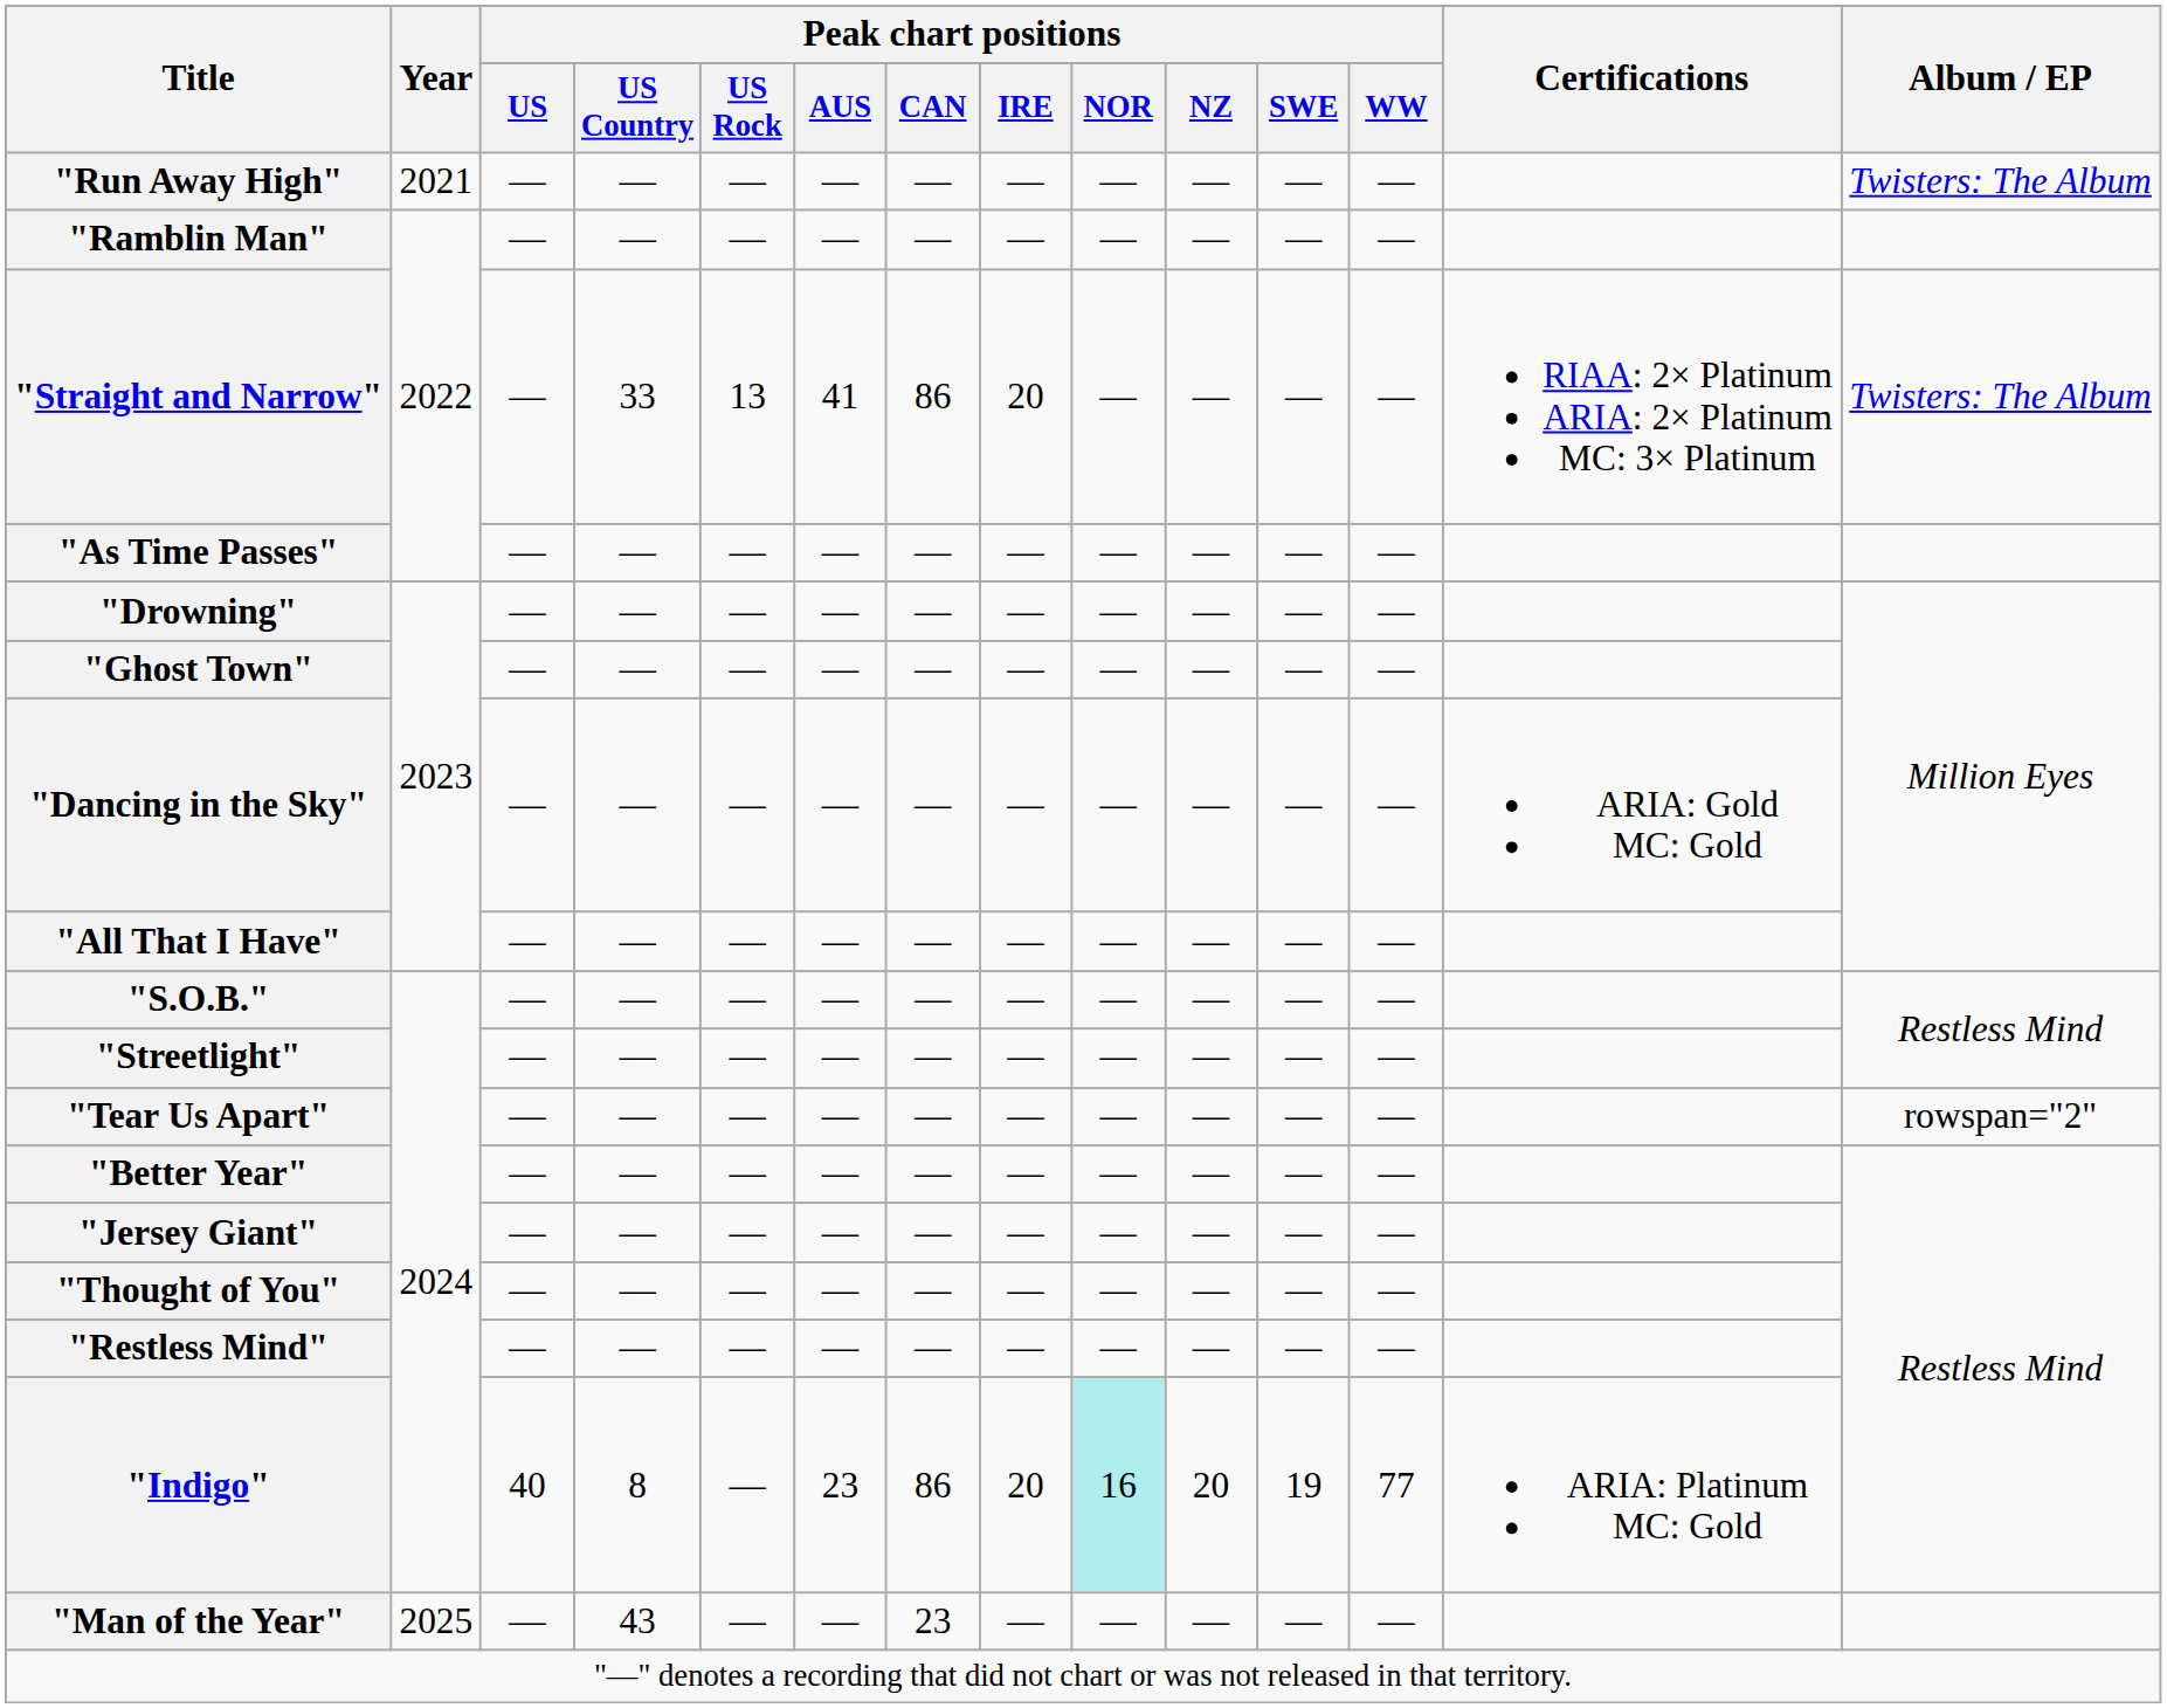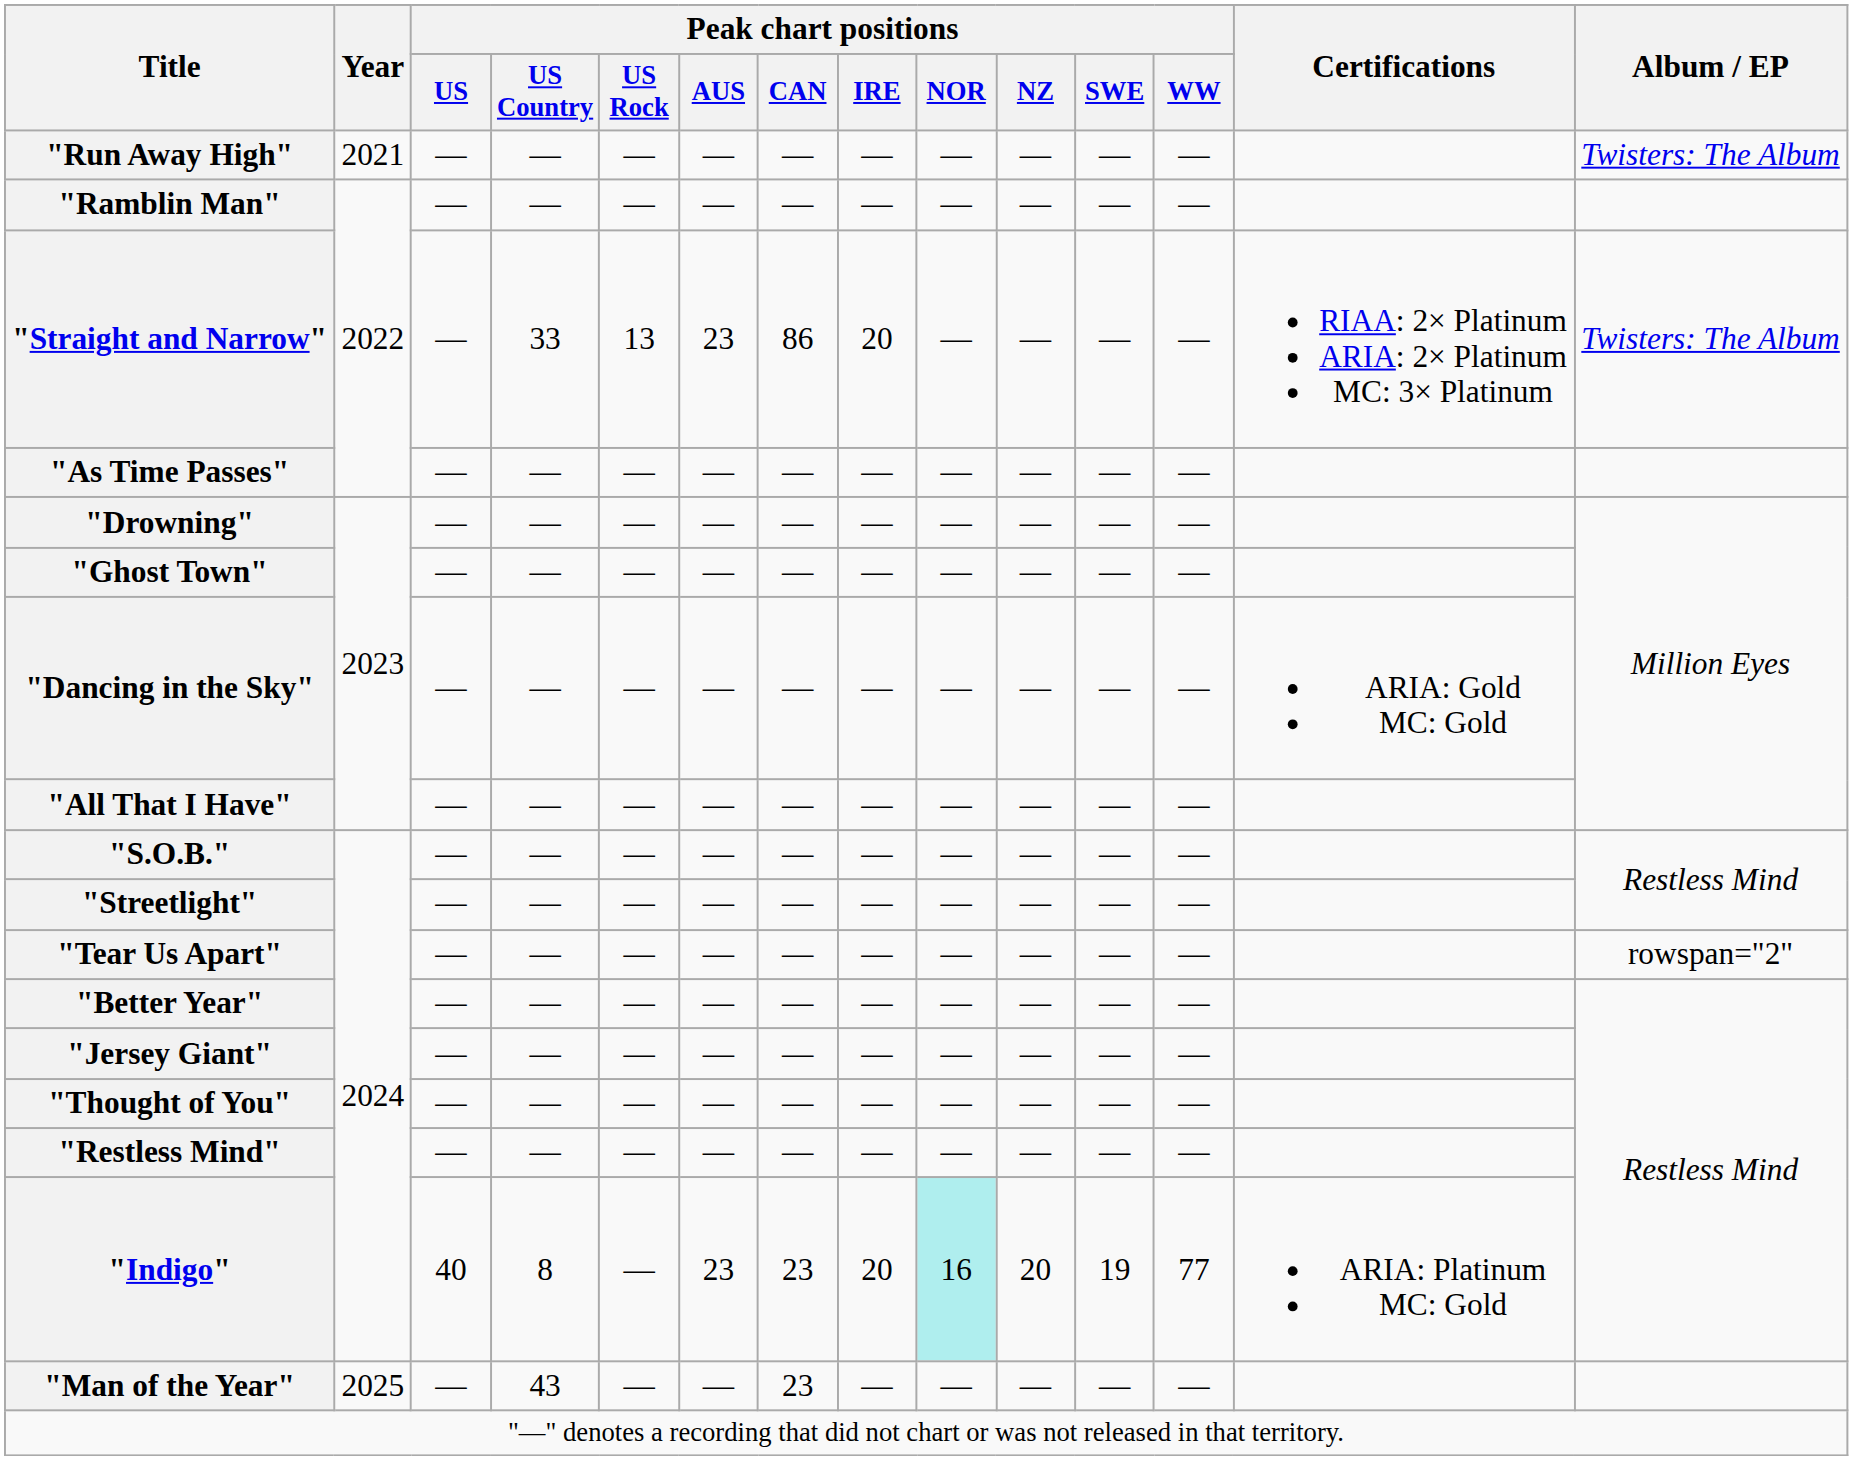 <table class="wikitable plainrowheaders" style="text-align:center;">
 <tr>
 <th scope="col" rowspan="2">Title</th>
 <th scope="col" rowspan="2">Year</th>
 <th scope="col" colspan="10">Peak chart positions</th>
 <th scope="col" rowspan="2">Certifications</th>
 <th scope="col" rowspan="2">Album / EP</th>
 </tr>
 <tr>
 <th scope="col" style="width:2.5em;font-size:85%;"><a href='#'>US</a><br></th>
 <th scope="col" style="width:2.5em;font-size:85%;"><a href='#'>US Country</a><br></th>
 <th scope="col" style="width:2.5em;font-size:85%;"><a href='#'>US Rock</a><br></th>
 <th scope="col" style="width:2.5em;font-size:85%;"><a href='#'>AUS</a><br></th>
 <th scope="col" style="width:2.5em;font-size:85%;"><a href='#'>CAN</a><br></th>
 <th scope="col" style="width:2.5em;font-size:85%;"><a href='#'>IRE</a><br></th>
 <th scope="col" style="width:2.5em;font-size:85%;"><a href='#'>NOR</a><br></th>
 <th scope="col" style="width:2.5em;font-size:85%;"><a href='#'>NZ</a><br></th>
 <th scope="col" style="width:2.5em;font-size:85%;"><a href='#'>SWE</a><br></th>
 <th scope="col" style="width:2.5em;font-size:85%;"><a href='#'>WW</a><br></th>
 </tr>
 <tr>
 <th scope="row">"Run Away High"</th>
 <td>2021</td>
 <td>—</td>
 <td>—</td>
 <td>—</td>
 <td>—</td>
 <td>—</td>
 <td>—</td>
 <td>—</td>
 <td>—</td>
 <td>—</td>
 <td>—</td>
 <td></td>
 <td><em><a href='#'>Twisters: The Album</a></em></td>
 </tr>
 <tr>
 <th scope="row">"Ramblin Man"</th>
 <td rowspan= "3">2022</td>
 <td>—</td>
 <td>—</td>
 <td>—</td>
 <td>—</td>
 <td>—</td>
 <td>—</td>
 <td>—</td>
 <td>—</td>
 <td>—</td>
 <td>—</td>
 <td></td>
 </tr>
 <tr>
 <th scope="row">"<a href='#'>Straight and Narrow</a>"</th>
 <td>—</td>
 <td>33</td>
 <td>13</td>
-<td>41</td>
+<td>23</td>
 <td>86</td>
 <td>20</td>
 <td>—</td>
 <td>—</td>
 <td>—</td>
 <td>—</td>
 <td><br><ul><li><a href='#'>RIAA</a>: 2× Platinum</li><li><a href='#'>ARIA</a>: 2× Platinum</li><li>MC: 3× Platinum</li></ul></td>
 <td><em><a href='#'>Twisters: The Album</a></em></td>
 </tr>
 <tr>
 <th scope="row">"As Time Passes"</th>
 <td>—</td>
 <td>—</td>
 <td>—</td>
 <td>—</td>
 <td>—</td>
 <td>—</td>
 <td>—</td>
 <td>—</td>
 <td>—</td>
 <td>—</td>
 <td></td>
 <td></td>
 </tr>
 <tr>
 <th scope="row">"Drowning"</th>
 <td rowspan="4">2023</td>
 <td>—</td>
 <td>—</td>
 <td>—</td>
 <td>—</td>
 <td>—</td>
 <td>—</td>
 <td>—</td>
 <td>—</td>
 <td>—</td>
 <td>—</td>
 <td></td>
 <td rowspan="4"><em>Million Eyes</em></td>
 </tr>
 <tr>
 <th scope="row">"Ghost Town"</th>
 <td>—</td>
 <td>—</td>
 <td>—</td>
 <td>—</td>
 <td>—</td>
 <td>—</td>
 <td>—</td>
 <td>—</td>
 <td>—</td>
 <td>—</td>
 <td></td>
 </tr>
 <tr>
 <th scope="row">"Dancing in the Sky"</th>
 <td>—</td>
 <td>—</td>
 <td>—</td>
 <td>—</td>
 <td>—</td>
 <td>—</td>
 <td>—</td>
 <td>—</td>
 <td>—</td>
 <td>—</td>
 <td><br><ul><li>ARIA: Gold</li><li>MC: Gold</li></ul></td>
 </tr>
 <tr>
 <th scope="row">"All That I Have"</th>
 <td>—</td>
 <td>—</td>
 <td>—</td>
 <td>—</td>
 <td>—</td>
 <td>—</td>
 <td>—</td>
 <td>—</td>
 <td>—</td>
 <td>—</td>
 <td></td>
 </tr>
 <tr>
 <th scope="row">"S.O.B."</th>
 <td rowspan="8">2024</td>
 <td>—</td>
 <td>—</td>
 <td>—</td>
 <td>—</td>
 <td>—</td>
 <td>—</td>
 <td>—</td>
 <td>—</td>
 <td>—</td>
 <td>—</td>
 <td></td>
 <td rowspan="2"><em>Restless Mind</em></td>
 </tr>
 <tr>
 <th scope="row">"Streetlight"</th>
 <td>—</td>
 <td>—</td>
 <td>—</td>
 <td>—</td>
 <td>—</td>
 <td>—</td>
 <td>—</td>
 <td>—</td>
 <td>—</td>
 <td>—</td>
 <td></td>
 </tr>
 <tr>
 <th scope="row">"Tear Us Apart"</th>
 <td>—</td>
 <td>—</td>
 <td>—</td>
 <td>—</td>
 <td>—</td>
 <td>—</td>
 <td>—</td>
 <td>—</td>
 <td>—</td>
 <td>—</td>
 <td></td>
 <td>rowspan="2" </td>
 </tr>
 <tr>
 <th scope="row">"Better Year"</th>
 <td>—</td>
 <td>—</td>
 <td>—</td>
 <td>—</td>
 <td>—</td>
 <td>—</td>
 <td>—</td>
 <td>—</td>
 <td>—</td>
 <td>—</td>
 <td></td>
 <td rowspan="5"><em>Restless Mind</em></td>
 </tr>
 <tr>
 <th scope="row">"Jersey Giant"</th>
 <td>—</td>
 <td>—</td>
 <td>—</td>
 <td>—</td>
 <td>—</td>
 <td>—</td>
 <td>—</td>
 <td>—</td>
 <td>—</td>
 <td>—</td>
 <td></td>
 </tr>
 <tr>
 <th scope="row">"Thought of You"</th>
 <td>—</td>
 <td>—</td>
 <td>—</td>
 <td>—</td>
 <td>—</td>
 <td>—</td>
 <td>—</td>
 <td>—</td>
 <td>—</td>
 <td>—</td>
 <td></td>
 </tr>
 <tr>
 <th scope="row">"Restless Mind"<br></th>
 <td>—</td>
 <td>—</td>
 <td>—</td>
 <td>—</td>
 <td>—</td>
 <td>—</td>
 <td>—</td>
 <td>—</td>
 <td>—</td>
 <td>—</td>
 <td></td>
 </tr>
 <tr>
 <th scope="row">"<a href='#'>Indigo</a>"<br></th>
 <td>40</td>
 <td>8</td>
 <td>—</td>
 <td>23</td>
-<td>86</td>
+<td>23</td>
 <td>20</td>
 <td style="background: paleturquoise;">16</td>
 <td>20</td>
 <td>19</td>
 <td>77</td>
 <td><br><ul><li>ARIA: Platinum</li><li>MC: Gold</li></ul></td>
 </tr>
 <tr>
 <th scope="row">"Man of the Year"</th>
 <td>2025</td>
 <td>—</td>
 <td>43</td>
 <td>—</td>
 <td>—</td>
 <td>23</td>
 <td>—</td>
 <td>—</td>
 <td>—</td>
 <td>—</td>
 <td>—</td>
 <td></td>
 <td></td>
 </tr>
 <tr>
 <td colspan="14" style="font-size:85%">"—" denotes a recording that did not chart or was not released in that territory.</td>
 </tr>
 </table>
